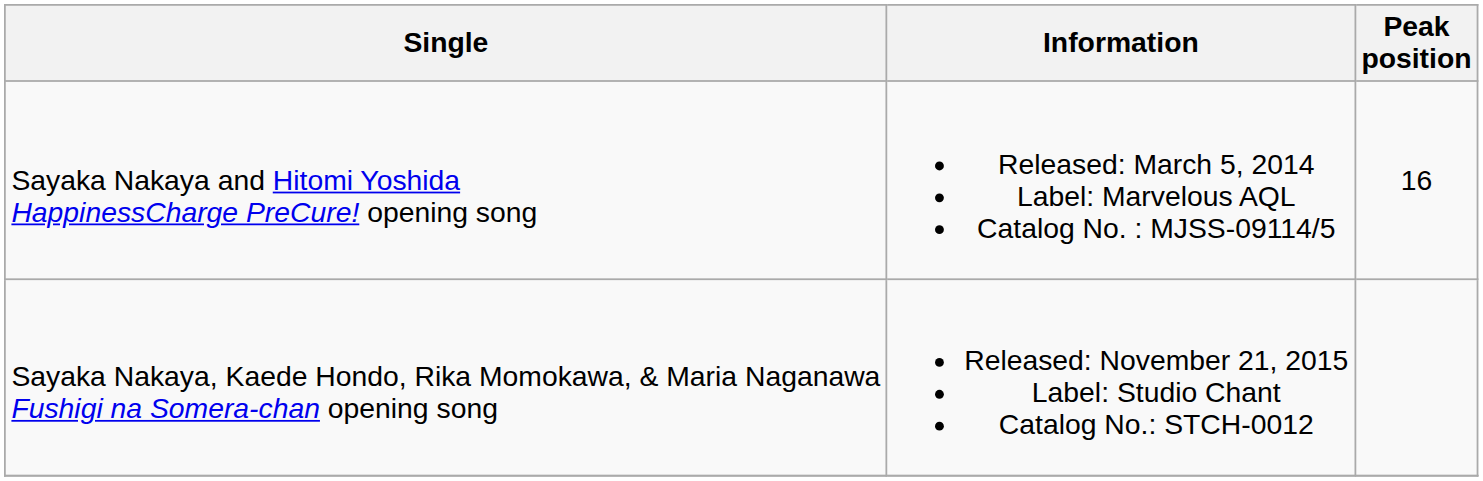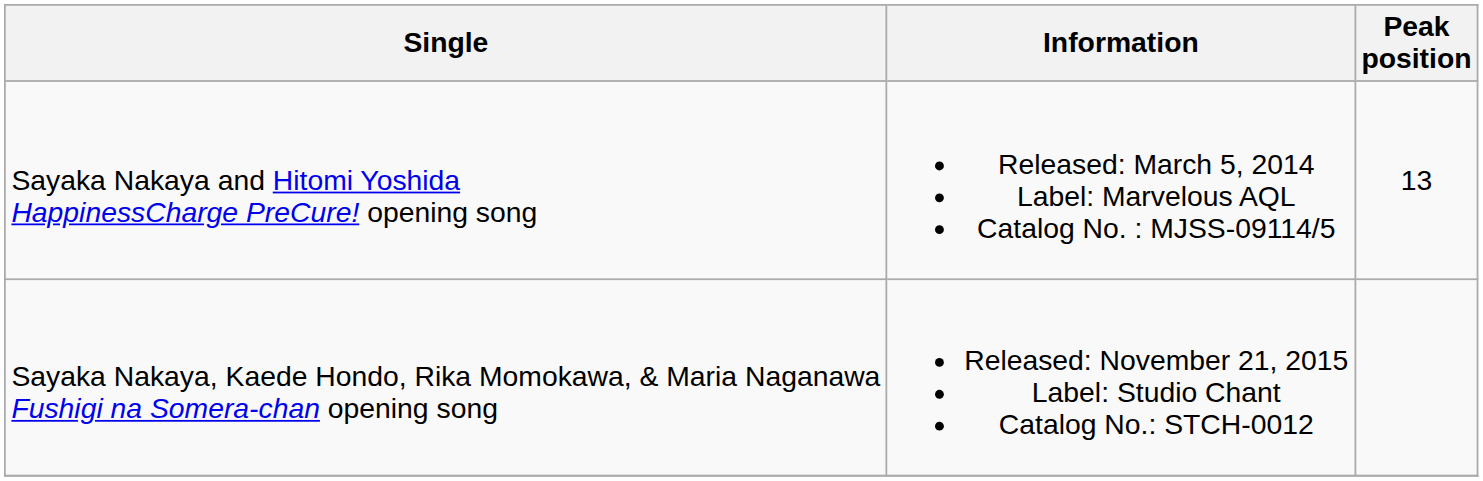 <table class="wikitable" style="text-align: center">
 <tr>
 <th>Single</th>
 <th>Information</th>
 <th>Peak<br>position</th>
 </tr>
 <tr>
 <td align=left><br>Sayaka Nakaya and <a href='#'>Hitomi Yoshida</a><br><em><a href='#'>HappinessCharge PreCure!</a></em> opening song</td>
 <td><br><ul><li>Released: March 5, 2014</li><li>Label: Marvelous AQL</li><li>Catalog No. : MJSS-09114/5</li></ul></td>
-<td>16</td>
+<td>13</td>
 </tr>
 <tr>
 <td align=left><br>Sayaka Nakaya, Kaede Hondo, Rika Momokawa, & Maria Naganawa<br><em><a href='#'>Fushigi na Somera-chan</a></em> opening song</td>
 <td><br><ul><li>Released: November 21, 2015</li><li>Label: Studio Chant</li><li>Catalog No.: STCH-0012</li></ul></td>
 <td> </td>
 </tr>
 <tr>
 </tr>
 </table>
